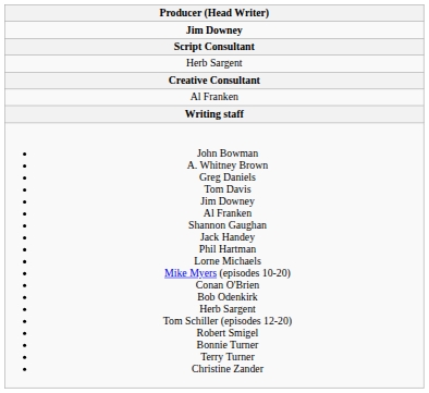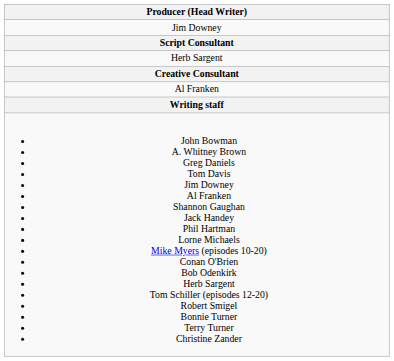 <table class="wikitable plainrowheaders"  style="text-align:center; width:50%;">
 <tr>
 <th><strong>Producer (Head Writer)</strong></th>
 </tr>
 <tr>
-<td><strong>Jim Downey</strong></td>
+<td>Jim Downey</td>
 </tr>
 <tr>
 <th><strong>Script Consultant</strong></th>
 </tr>
 <tr>
 <td>Herb Sargent</td>
 </tr>
 <tr>
 <th><strong>Creative Consultant</strong> </th>
 </tr>
 <tr>
 <td>Al Franken</td>
 </tr>
 <tr>
 <th><strong>Writing staff</strong></th>
 </tr>
 <tr>
 <td><br><ul><li>John Bowman</li><li>A. Whitney Brown</li><li>Greg Daniels</li><li>Tom Davis</li><li>Jim Downey</li><li>Al Franken</li><li>Shannon Gaughan</li><li>Jack Handey</li><li>Phil Hartman</li><li>Lorne Michaels</li><li><a href='#'>Mike Myers</a> (episodes 10-20)</li><li>Conan O'Brien</li><li>Bob Odenkirk</li><li>Herb Sargent</li><li>Tom Schiller (episodes 12-20)</li><li>Robert Smigel</li><li>Bonnie Turner</li><li>Terry Turner</li><li>Christine Zander</li></ul></td>
 </tr>
 </table>
